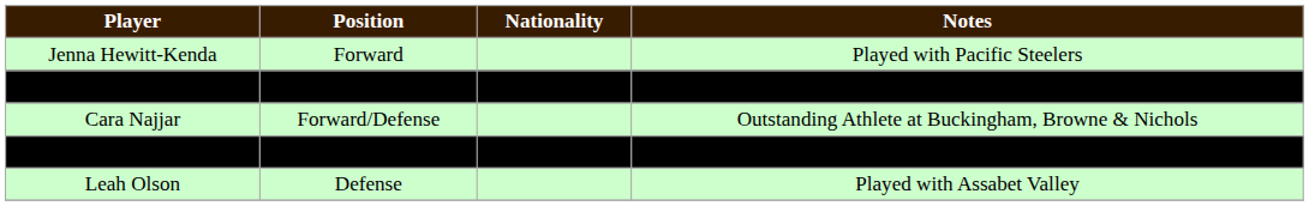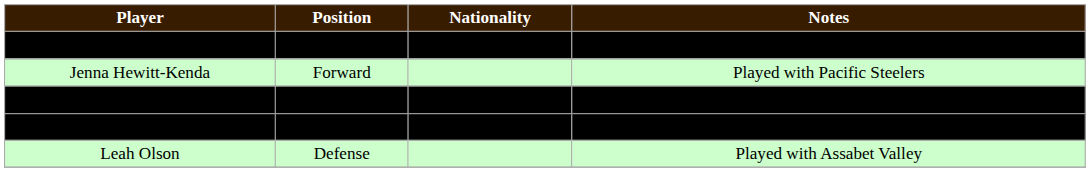 <table class="wikitable" width="80%">
 <tr align="center" style=" background:#381C00; color:white;">
 <td><strong>Player</strong></td>
 <td><strong>Position</strong></td>
 <td><strong>Nationality</strong></td>
 <td><strong>Notes</strong><br></td>
+</tr>
+<tr align="center" bgcolor=" ">
+<td>Bridget Carey</td>
+<td>Forward</td>
+<td></td>
+<td>Skated for Bay State Breakers</td>
 </tr>
 <tr align="center" bgcolor="#ccffcc">
 <td>Jenna Hewitt-Kenda</td>
 <td>Forward</td>
 <td></td>
 <td>Played with Pacific Steelers</td>
 </tr>
 <tr align="center" bgcolor=" ">
 <td>Katie Lynch</td>
 <td><strong>Forward</strong></td>
 <td></td>
-<td>Attended Benilde-St. Margaret's School</td>
-</tr>
-<tr align="center" bgcolor="#ccffcc">
-<td>Cara Najjar</td>
-<td>Forward/Defense</td>
-<td></td>
-<td>Outstanding Athlete at Buckingham, Browne & Nichols</td>
+<td>Attended Edge School</td>
 </tr>
 <tr align="center" bgcolor=" ">
 <td>Abby Niewchas</td>
-<td>Defense</td>
+<td><strong>Defense</strong></td>
 <td></td>
-<td>Attended Edge School</td>
+<td>Attended Benilde-St. Margaret's School</td>
 </tr>
 <tr align="center" bgcolor="#ccffcc">
 <td>Leah Olson</td>
 <td>Defense</td>
 <td></td>
 <td>Played with Assabet Valley</td>
 </tr>
 <tr align="center" bgcolor=" ">
 </tr>
 </table>
